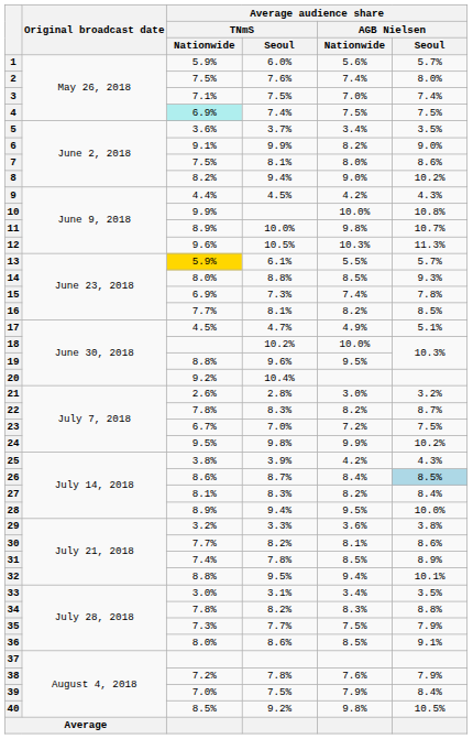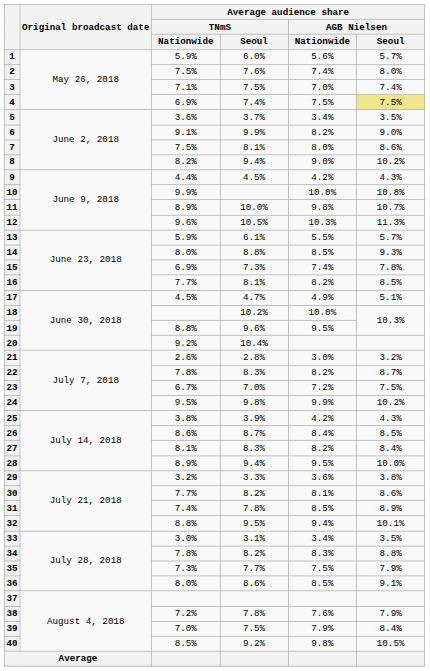 <table class="wikitable" style="text-align:center">
 <tr>
 <th rowspan="3"></th>
 <th rowspan="3">Original broadcast date</th>
 <th colspan="4">Average audience share</th>
 </tr>
 <tr>
 <th colspan="2">TNmS</th>
 <th colspan="2">AGB Nielsen</th>
 </tr>
 <tr>
 <th width="90">Nationwide</th>
 <th width="90">Seoul</th>
 <th width="90">Nationwide</th>
 <th width="90">Seoul</th>
 </tr>
 <tr>
 <th>1</th>
 <td rowspan="4">May 26, 2018</td>
 <td>5.9% </td>
 <td>6.0%</td>
 <td>5.6% </td>
 <td>5.7% </td>
 </tr>
 <tr>
 <th>2</th>
 <td>7.5% </td>
 <td>7.6%</td>
 <td>7.4% </td>
 <td>8.0% </td>
 </tr>
 <tr>
 <th>3</th>
 <td>7.1% </td>
 <td>7.5%</td>
 <td>7.0% </td>
 <td>7.4% </td>
 </tr>
 <tr>
 <th>4</th>
-<td style="background: paleturquoise;">6.9% </td>
+<td>6.9% </td>
 <td>7.4%</td>
 <td>7.5% </td>
-<td>7.5% </td>
+<td style="background: khaki;">7.5% </td>
 </tr>
 <tr>
 <th>5</th>
 <td rowspan="4">June 2, 2018</td>
 <td>3.6%</td>
 <td>3.7%</td>
 <td>3.4% </td>
 <td>3.5% </td>
 </tr>
 <tr>
 <th>6</th>
 <td>9.1%</td>
 <td>9.9%</td>
 <td>8.2% </td>
 <td>9.0% </td>
 </tr>
 <tr>
 <th>7</th>
 <td>7.5%</td>
 <td>8.1%</td>
 <td>8.0% </td>
 <td>8.6% </td>
 </tr>
 <tr>
 <th>8</th>
 <td>8.2%</td>
 <td>9.4%</td>
 <td>9.0% </td>
 <td>10.2% </td>
 </tr>
 <tr>
 <th>9</th>
 <td rowspan="4">June 9, 2018</td>
 <td>4.4%</td>
 <td>4.5%</td>
 <td>4.2% </td>
 <td>4.3% </td>
 </tr>
 <tr>
 <th>10</th>
 <td>9.9%</td>
 <td></td>
 <td>10.0% </td>
 <td>10.8% </td>
 </tr>
 <tr>
 <th>11</th>
 <td>8.9%</td>
 <td>10.0%</td>
 <td>9.8% </td>
 <td>10.7% </td>
 </tr>
 <tr>
 <th>12</th>
 <td>9.6%</td>
 <td>10.5%</td>
 <td>10.3% </td>
 <td>11.3% </td>
 </tr>
 <tr>
 <th>13</th>
 <td rowspan="4">June 23, 2018</td>
-<td style="background: gold;">5.9%</td>
+<td>5.9%</td>
 <td>6.1%</td>
 <td>5.5% </td>
 <td>5.7% </td>
 </tr>
 <tr>
 <th>14</th>
 <td>8.0%</td>
 <td>8.8%</td>
 <td>8.5% </td>
 <td>9.3% </td>
 </tr>
 <tr>
 <th>15</th>
 <td>6.9%</td>
 <td>7.3%</td>
 <td>7.4% </td>
 <td>7.8% </td>
 </tr>
 <tr>
 <th>16</th>
 <td>7.7%</td>
 <td>8.1%</td>
 <td>8.2% </td>
 <td>8.5% </td>
 </tr>
 <tr>
 <th>17</th>
 <td rowspan="4">June 30, 2018</td>
 <td>4.5%</td>
 <td>4.7%</td>
 <td>4.9% </td>
 <td>5.1% </td>
 </tr>
 <tr>
 <th>18</th>
 <td></td>
 <td>10.2%</td>
 <td>10.0% </td>
 <td rowspan="2">10.3% </td>
 </tr>
 <tr>
 <th>19</th>
 <td>8.8%</td>
 <td>9.6%</td>
 <td>9.5% </td>
 </tr>
 <tr>
 <th>20</th>
 <td>9.2%</td>
 <td>10.4%</td>
 <td> </td>
 <td> </td>
 </tr>
 <tr>
 <th>21</th>
 <td rowspan="4">July 7, 2018</td>
 <td>2.6%</td>
 <td>2.8%</td>
 <td>3.0% </td>
 <td>3.2% </td>
 </tr>
 <tr>
 <th>22</th>
 <td>7.8%</td>
 <td>8.3%</td>
 <td>8.2% </td>
 <td>8.7% </td>
 </tr>
 <tr>
 <th>23</th>
 <td>6.7%</td>
 <td>7.0%</td>
 <td>7.2% </td>
 <td>7.5% </td>
 </tr>
 <tr>
 <th>24</th>
 <td>9.5%</td>
 <td>9.8%</td>
 <td>9.9% </td>
 <td>10.2% </td>
 </tr>
 <tr>
 <th>25</th>
 <td rowspan="4">July 14, 2018</td>
 <td>3.8%</td>
 <td>3.9%</td>
 <td>4.2% </td>
 <td>4.3% </td>
 </tr>
 <tr>
 <th>26</th>
 <td>8.6%</td>
 <td>8.7%</td>
 <td>8.4% </td>
-<td style="background: lightblue;">8.5% </td>
+<td>8.5% </td>
 </tr>
 <tr>
 <th>27</th>
 <td>8.1%</td>
 <td>8.3%</td>
 <td>8.2% </td>
 <td>8.4% </td>
 </tr>
 <tr>
 <th>28</th>
 <td>8.9%</td>
 <td>9.4%</td>
 <td>9.5% </td>
 <td>10.0% </td>
 </tr>
 <tr>
 <th>29</th>
 <td rowspan="4">July 21, 2018</td>
 <td>3.2%</td>
 <td>3.3%</td>
 <td>3.6% </td>
 <td>3.8% </td>
 </tr>
 <tr>
 <th>30</th>
 <td>7.7%</td>
 <td>8.2%</td>
 <td>8.1% </td>
 <td>8.6% </td>
 </tr>
 <tr>
 <th>31</th>
 <td>7.4%</td>
 <td>7.8%</td>
 <td>8.5% </td>
 <td>8.9% </td>
 </tr>
 <tr>
 <th>32</th>
 <td>8.8%</td>
 <td>9.5%</td>
 <td>9.4% </td>
 <td>10.1% </td>
 </tr>
 <tr>
 <th>33</th>
 <td rowspan="4">July 28, 2018</td>
 <td>3.0%</td>
 <td>3.1%</td>
 <td>3.4% </td>
 <td>3.5% </td>
 </tr>
 <tr>
 <th>34</th>
 <td>7.8%</td>
 <td>8.2%</td>
 <td>8.3% </td>
 <td>8.8% </td>
 </tr>
 <tr>
 <th>35</th>
 <td>7.3%</td>
 <td>7.7%</td>
 <td>7.5% </td>
 <td>7.9% </td>
 </tr>
 <tr>
 <th>36</th>
 <td>8.0%</td>
 <td>8.6%</td>
 <td>8.5% </td>
 <td>9.1% </td>
 </tr>
 <tr>
 <th>37</th>
 <td rowspan="4">August 4, 2018</td>
 <td></td>
 <td></td>
 <td> </td>
 <td> </td>
 </tr>
 <tr>
 <th>38</th>
 <td>7.2%</td>
 <td>7.8%</td>
 <td>7.6% </td>
 <td>7.9% </td>
 </tr>
 <tr>
 <th>39</th>
 <td>7.0%</td>
 <td>7.5%</td>
 <td>7.9% </td>
 <td>8.4% </td>
 </tr>
 <tr>
 <th>40</th>
 <td>8.5%</td>
 <td>9.2%</td>
 <td>9.8% </td>
 <td>10.5% </td>
 </tr>
 <tr>
 <th colspan="2">Average</th>
 <th></th>
 <th></th>
 <th></th>
 <th></th>
 </tr>
 </table>
